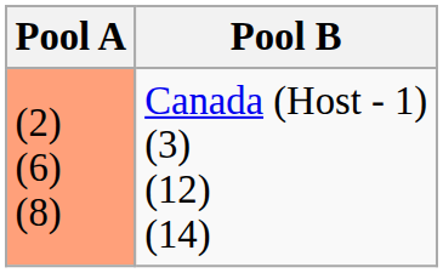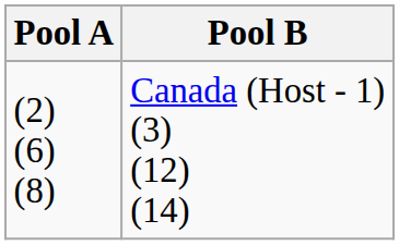 <table class="wikitable">
 <tr>
 <th>Pool A</th>
 <th>Pool B</th>
 </tr>
 <tr>
-<td style="background: lightsalmon;"> (2)<br> (6)<br> (8)</td>
+<td> (2)<br> (6)<br> (8)</td>
 <td> <a href='#'>Canada</a> (Host - 1)<br> (3)<br> (12)<br> (14)</td>
 </tr>
 </table>
